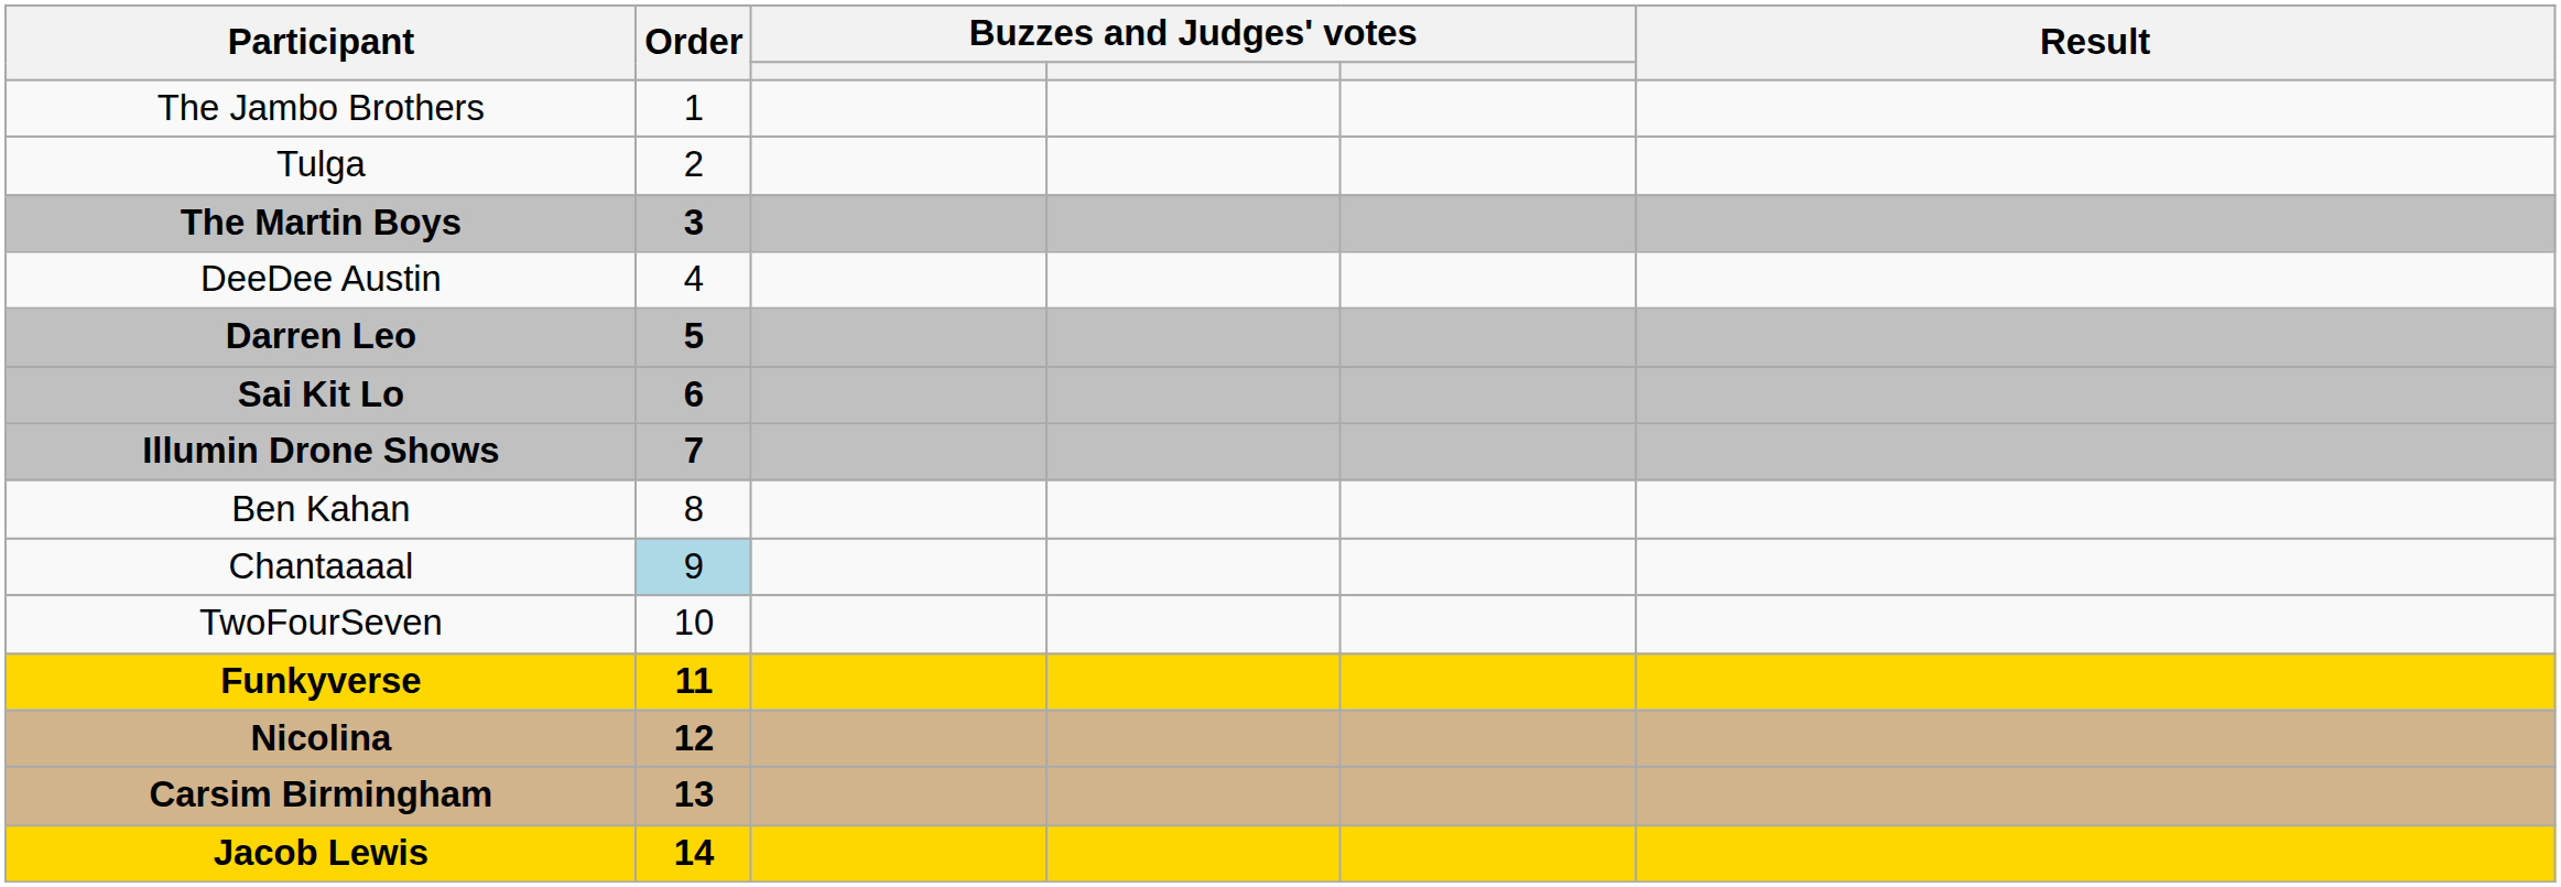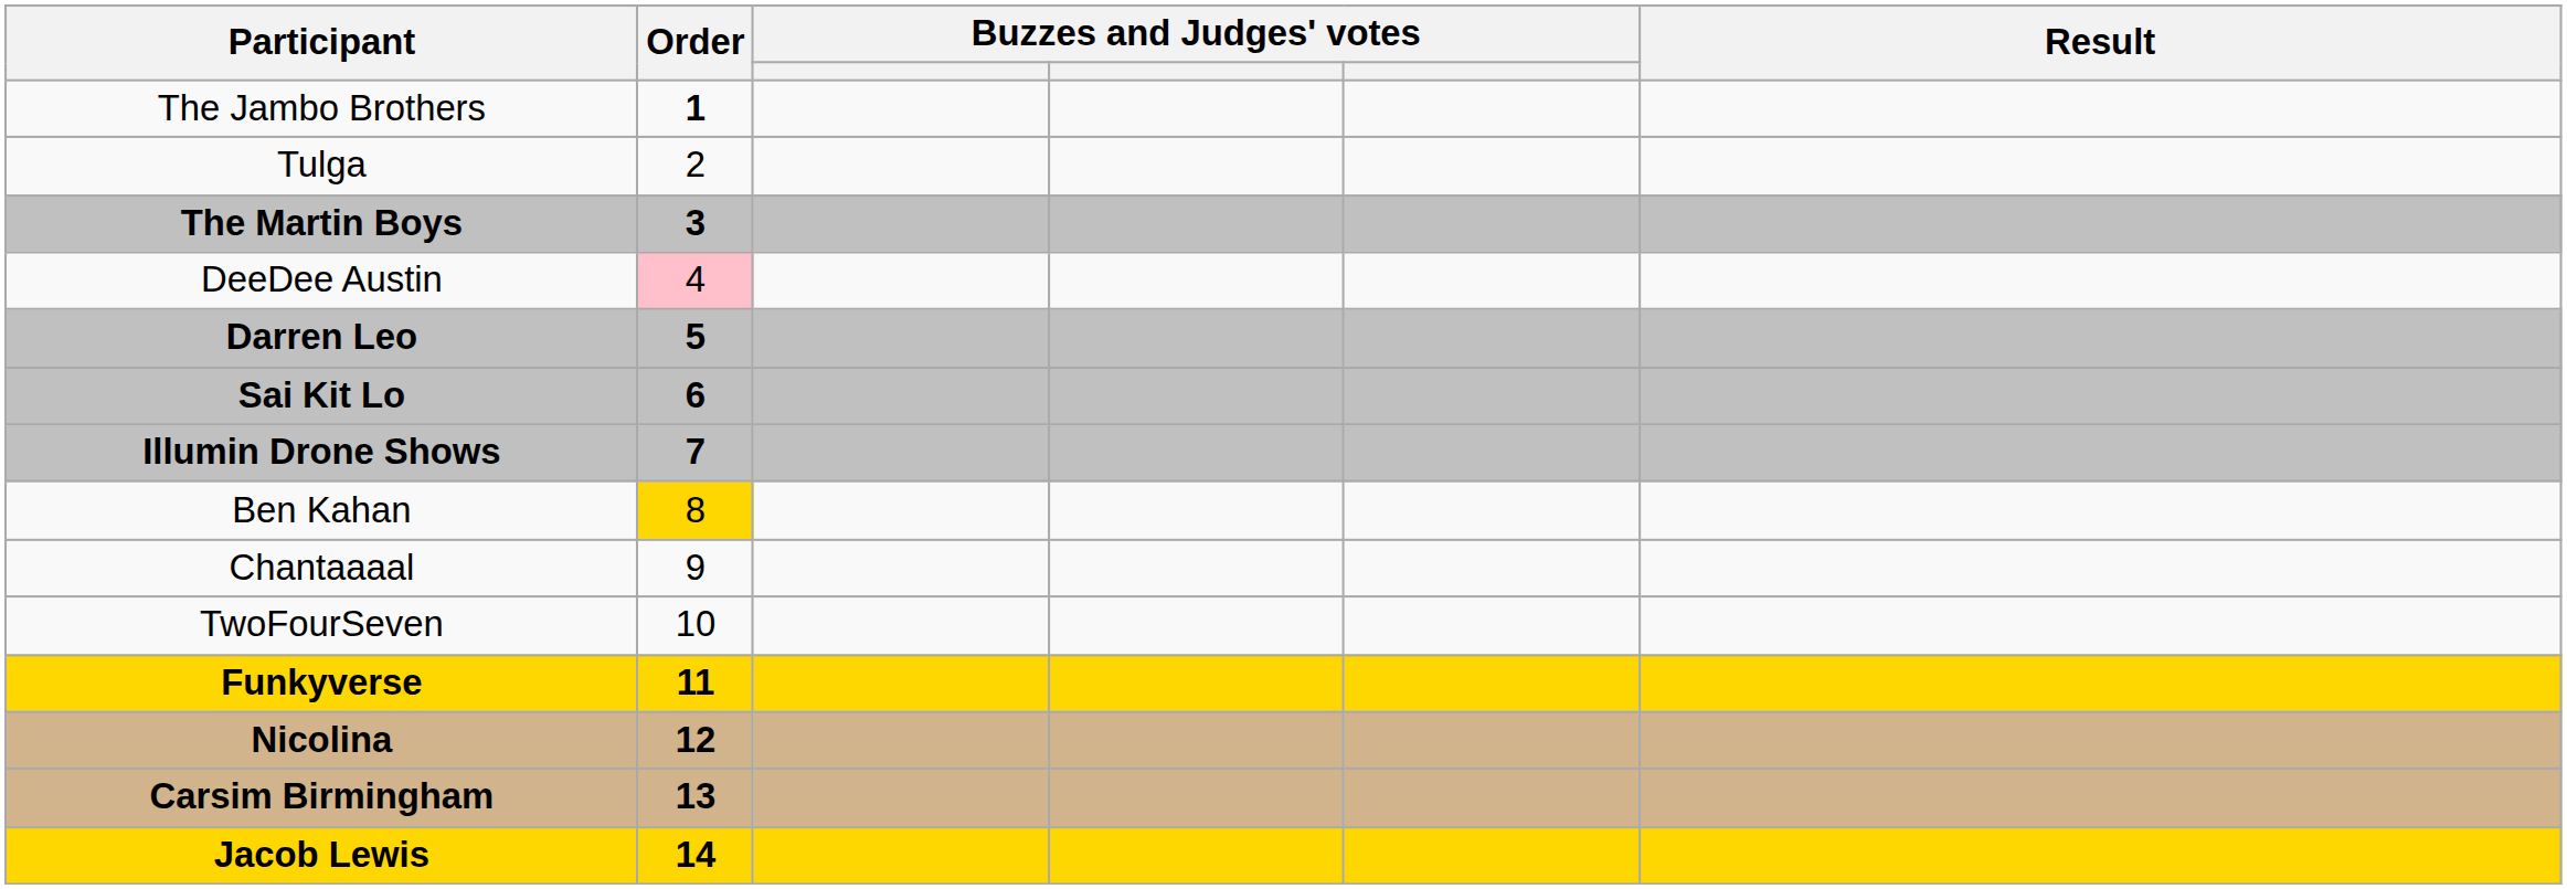 <table class="wikitable plainrowheaders sortable" style="text-align:center;">
 <tr>
 <th scope="col" rowspan="2" class="unsortable" style="width:17em;">Participant</th>
 <th scope="col" rowspan="2" style="width:1em;">Order</th>
 <th scope="col" colspan="3" class="unsortable" style="width:24em;">Buzzes and Judges' votes</th>
 <th scope="col" rowspan="2" style="width:25em;">Result</th>
 </tr>
 <tr>
 <th scope="col" class="unsortable" style="width:6em;"></th>
 <th scope="col" class="unsortable" style="width:6em;"></th>
 <th scope="col" class="unsortable" style="width:6em;"></th>
 </tr>
 <tr>
 <td>The Jambo Brothers</td>
-<td>1</td>
+<td><strong>1</strong></td>
 <td style="text-align:center"></td>
 <td style="text-align:center"></td>
 <td style="text-align:center"></td>
 <td></td>
 </tr>
 <tr>
 <td>Tulga</td>
 <td>2</td>
 <td style="text-align:center"></td>
 <td style="text-align:center"></td>
 <td style="text-align:center"></td>
 <td></td>
 </tr>
 <tr style="background:silver;">
 <td><strong>The Martin Boys</strong></td>
 <td><strong>3</strong></td>
 <td style="text-align:center"></td>
 <td style="text-align:center"></td>
 <td style="text-align:center"></td>
 <td><strong></strong></td>
 </tr>
 <tr>
 <td>DeeDee Austin</td>
-<td>4</td>
+<td style="background: pink;">4</td>
 <td style="text-align:center"></td>
 <td style="text-align:center"></td>
 <td style="text-align:center"></td>
 <td></td>
 </tr>
 <tr style="background:silver;">
 <td><strong>Darren Leo</strong></td>
 <td><strong>5</strong></td>
 <td style="text-align:center"></td>
 <td style="text-align:center"></td>
 <td style="text-align:center"></td>
 <td><strong></strong></td>
 </tr>
 <tr style="background:silver;">
 <td><strong>Sai Kit Lo</strong></td>
 <td><strong>6</strong></td>
 <td style="text-align:center"></td>
 <td style="text-align:center"></td>
 <td style="text-align:center"></td>
 <td><strong></strong></td>
 </tr>
 <tr style="background:silver;">
 <td><strong>Illumin Drone Shows</strong></td>
 <td><strong>7</strong></td>
 <td style="text-align:center"></td>
 <td style="text-align:center"></td>
 <td style="text-align:center"></td>
 <td><strong></strong></td>
 </tr>
 <tr>
 <td>Ben Kahan</td>
-<td>8</td>
+<td style="background: gold;">8</td>
 <td style="text-align:center"></td>
 <td style="text-align:center"></td>
 <td style="text-align:center"></td>
 <td></td>
 </tr>
 <tr>
 <td>Chantaaaal </td>
-<td style="background: lightblue;">9</td>
+<td>9</td>
 <td style="text-align:center"></td>
 <td style="text-align:center"></td>
 <td style="text-align:center"></td>
 <td></td>
 </tr>
 <tr>
 <td>TwoFourSeven</td>
 <td>10</td>
 <td style="text-align:center"></td>
 <td style="text-align:center"></td>
 <td style="text-align:center"></td>
 <td></td>
 </tr>
 <tr style="background:gold;">
 <td><strong>Funkyverse</strong></td>
 <td><strong>11</strong></td>
 <td style="text-align:center"></td>
 <td style="text-align:center"></td>
 <td style="text-align:center"></td>
 <td><strong></strong></td>
 </tr>
 <tr style="background:tan;">
 <td><strong>Nicolina</strong></td>
 <td><strong>12</strong></td>
 <td style="text-align:center"></td>
 <td style="text-align:center"></td>
 <td style="text-align:center"></td>
 <td><strong></strong></td>
 </tr>
 <tr style="background:tan;">
 <td><strong>Carsim Birmingham</strong></td>
 <td><strong>13</strong></td>
 <td style="text-align:center"></td>
 <td style="text-align:center"></td>
 <td style="text-align:center"></td>
 <td><strong></strong></td>
 </tr>
 <tr style="background:gold;">
 <td><strong>Jacob Lewis</strong> </td>
 <td><strong>14</strong></td>
 <td style="text-align:center"></td>
 <td style="text-align:center"></td>
 <td style="text-align:center"></td>
 <td><strong></strong></td>
 </tr>
 </table>
